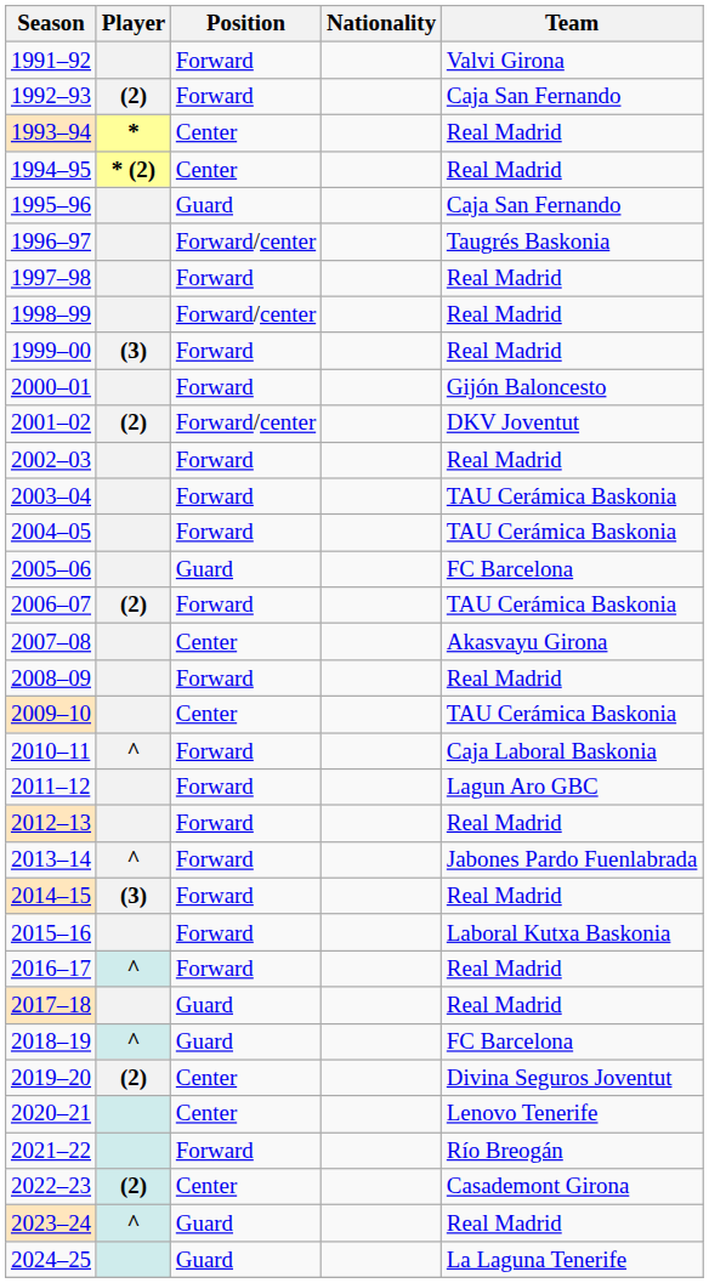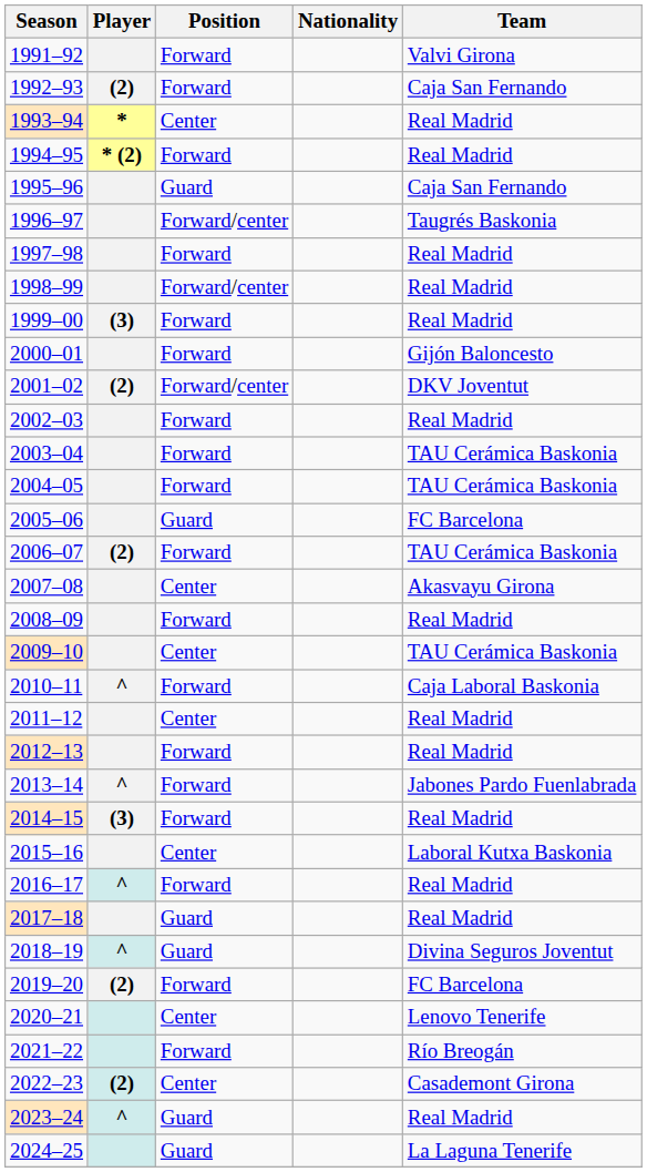 <table class="wikitable plainrowheaders sortable" summary="Season (sortable), Player (sortable), Position (sortable), Nationality (sortable) and Team (sortable)">
 <tr>
 <th scope="col">Season</th>
 <th scope="col">Player</th>
 <th scope="col">Position</th>
 <th scope="col">Nationality</th>
 <th scope="col">Team</th>
 </tr>
 <tr>
 <td><a href='#'>1991–92</a></td>
 <th scope="row"></th>
 <td><a href='#'>Forward</a></td>
 <td></td>
 <td><a href='#'>Valvi Girona</a></td>
 </tr>
 <tr>
 <td><a href='#'>1992–93</a></td>
 <th scope="row"> (2)</th>
 <td><a href='#'>Forward</a></td>
 <td></td>
 <td><a href='#'>Caja San Fernando</a></td>
 </tr>
 <tr>
 <td style="background-color:#FFE6BD"><a href='#'>1993–94</a></td>
 <th scope="row" style="background-color:#FFFF99;">*</th>
 <td><a href='#'>Center</a></td>
 <td></td>
 <td><a href='#'>Real Madrid</a></td>
 </tr>
 <tr>
 <td><a href='#'>1994–95</a></td>
 <th scope="row" style="background-color:#FFFF99;">* (2)</th>
-<td><a href='#'>Center</a></td>
+<td><a href='#'>Forward</a></td>
 <td></td>
 <td><a href='#'>Real Madrid</a></td>
 </tr>
 <tr>
 <td><a href='#'>1995–96</a></td>
 <th scope="row"></th>
 <td><a href='#'>Guard</a></td>
 <td></td>
 <td><a href='#'>Caja San Fernando</a></td>
 </tr>
 <tr>
 <td><a href='#'>1996–97</a></td>
 <th scope="row"></th>
 <td><a href='#'>Forward</a>/<a href='#'>center</a></td>
 <td></td>
 <td><a href='#'>Taugrés Baskonia</a></td>
 </tr>
 <tr>
 <td><a href='#'>1997–98</a></td>
 <th scope="row"></th>
 <td><a href='#'>Forward</a></td>
 <td></td>
 <td><a href='#'>Real Madrid</a></td>
 </tr>
 <tr>
 <td><a href='#'>1998–99</a></td>
 <th scope="row"></th>
 <td><a href='#'>Forward</a>/<a href='#'>center</a></td>
 <td></td>
 <td><a href='#'>Real Madrid</a></td>
 </tr>
 <tr>
 <td><a href='#'>1999–00</a></td>
 <th scope="row"> (3)</th>
 <td><a href='#'>Forward</a></td>
 <td></td>
 <td><a href='#'>Real Madrid</a></td>
 </tr>
 <tr>
 <td><a href='#'>2000–01</a></td>
 <th scope="row"></th>
 <td><a href='#'>Forward</a></td>
 <td></td>
 <td><a href='#'>Gijón Baloncesto</a></td>
 </tr>
 <tr>
 <td><a href='#'>2001–02</a></td>
 <th scope="row"> (2)</th>
 <td><a href='#'>Forward</a>/<a href='#'>center</a></td>
 <td></td>
 <td><a href='#'>DKV Joventut</a></td>
 </tr>
 <tr>
 <td><a href='#'>2002–03</a></td>
 <th scope="row"></th>
 <td><a href='#'>Forward</a></td>
 <td></td>
 <td><a href='#'>Real Madrid</a></td>
 </tr>
 <tr>
 <td><a href='#'>2003–04</a></td>
 <th scope="row"></th>
 <td><a href='#'>Forward</a></td>
 <td></td>
 <td><a href='#'>TAU Cerámica Baskonia</a></td>
 </tr>
 <tr>
 <td><a href='#'>2004–05</a></td>
 <th scope="row"></th>
 <td><a href='#'>Forward</a></td>
 <td></td>
 <td><a href='#'>TAU Cerámica Baskonia</a></td>
 </tr>
 <tr>
 <td><a href='#'>2005–06</a></td>
 <th scope="row"></th>
 <td><a href='#'>Guard</a></td>
 <td></td>
 <td><a href='#'>FC Barcelona</a></td>
 </tr>
 <tr>
 <td><a href='#'>2006–07</a></td>
 <th scope="row"> (2)</th>
 <td><a href='#'>Forward</a></td>
 <td></td>
 <td><a href='#'>TAU Cerámica Baskonia</a></td>
 </tr>
 <tr>
 <td><a href='#'>2007–08</a></td>
 <th scope="row"></th>
 <td><a href='#'>Center</a></td>
 <td></td>
 <td><a href='#'>Akasvayu Girona</a></td>
 </tr>
 <tr>
 <td><a href='#'>2008–09</a></td>
 <th scope="row"></th>
 <td><a href='#'>Forward</a></td>
 <td></td>
 <td><a href='#'>Real Madrid</a></td>
 </tr>
 <tr>
 <td style="background-color:#FFE6BD;"><a href='#'>2009–10</a></td>
 <th scope="row"></th>
 <td><a href='#'>Center</a></td>
 <td></td>
 <td><a href='#'>TAU Cerámica Baskonia</a></td>
 </tr>
 <tr>
 <td><a href='#'>2010–11</a></td>
 <th scope="row">^</th>
 <td><a href='#'>Forward</a></td>
 <td></td>
 <td><a href='#'>Caja Laboral Baskonia</a></td>
 </tr>
 <tr>
 <td><a href='#'>2011–12</a></td>
 <th scope="row"></th>
-<td><a href='#'>Forward</a></td>
+<td><a href='#'>Center</a></td>
 <td></td>
-<td><a href='#'>Lagun Aro GBC</a></td>
+<td><a href='#'>Real Madrid</a></td>
 </tr>
 <tr>
 <td style="background-color:#FFE6BD;"><a href='#'>2012–13</a></td>
 <th scope="row"></th>
 <td><a href='#'>Forward</a></td>
 <td></td>
 <td><a href='#'>Real Madrid</a></td>
 </tr>
 <tr>
 <td><a href='#'>2013–14</a></td>
 <th scope="row">^</th>
 <td><a href='#'>Forward</a></td>
 <td></td>
 <td><a href='#'>Jabones Pardo Fuenlabrada</a></td>
 </tr>
 <tr>
 <td style="background-color:#FFE6BD;"><a href='#'>2014–15</a></td>
 <th scope="row"> (3)</th>
 <td><a href='#'>Forward</a></td>
 <td></td>
 <td><a href='#'>Real Madrid</a></td>
 </tr>
 <tr>
 <td><a href='#'>2015–16</a></td>
 <th scope="row"></th>
-<td><a href='#'>Forward</a></td>
+<td><a href='#'>Center</a></td>
 <td></td>
 <td><a href='#'>Laboral Kutxa Baskonia</a></td>
 </tr>
 <tr>
 <td><a href='#'>2016–17</a></td>
 <th scope="row"  style="background-color:#CFECEC;">^</th>
 <td><a href='#'>Forward</a></td>
 <td></td>
 <td><a href='#'>Real Madrid</a></td>
 </tr>
 <tr>
 <td style="background-color:#FFE6BD"><a href='#'>2017–18</a></td>
 <th scope="row"></th>
 <td><a href='#'>Guard</a></td>
 <td></td>
 <td><a href='#'>Real Madrid</a></td>
 </tr>
 <tr>
 <td><a href='#'>2018–19</a></td>
 <th scope="row"  style="background-color:#CFECEC;">^</th>
 <td><a href='#'>Guard</a></td>
 <td></td>
-<td><a href='#'>FC Barcelona</a></td>
+<td><a href='#'>Divina Seguros Joventut</a></td>
 </tr>
 <tr>
 <td><a href='#'>2019–20</a></td>
 <th scope="row"> (2)</th>
-<td><a href='#'>Center</a></td>
+<td><a href='#'>Forward</a></td>
 <td></td>
-<td><a href='#'>Divina Seguros Joventut</a></td>
+<td><a href='#'>FC Barcelona</a></td>
 </tr>
 <tr>
 <td><a href='#'>2020–21</a></td>
 <th scope="row"  style="background-color:#CFECEC;"></th>
 <td><a href='#'>Center</a></td>
 <td></td>
 <td><a href='#'>Lenovo Tenerife</a></td>
 </tr>
 <tr>
 <td><a href='#'>2021–22</a></td>
 <th scope="row"  style="background-color:#CFECEC;"></th>
 <td><a href='#'>Forward</a></td>
 <td></td>
 <td><a href='#'>Río Breogán</a></td>
 </tr>
 <tr>
 <td><a href='#'>2022–23</a></td>
 <th scope="row"  style="background-color:#CFECEC;"> (2)</th>
 <td><a href='#'>Center</a></td>
 <td></td>
 <td><a href='#'>Casademont Girona</a></td>
 </tr>
 <tr>
 <td style="background-color:#FFE6BD"><a href='#'>2023–24</a></td>
 <th scope="row"  style="background-color:#CFECEC;">^</th>
 <td><a href='#'>Guard</a></td>
 <td></td>
 <td><a href='#'>Real Madrid</a></td>
 </tr>
 <tr>
 <td><a href='#'>2024–25</a></td>
 <th scope="row"  style="background-color:#CFECEC;"></th>
 <td><a href='#'>Guard</a></td>
 <td></td>
 <td><a href='#'>La Laguna Tenerife</a></td>
 </tr>
 <tr>
 </tr>
 </table>
